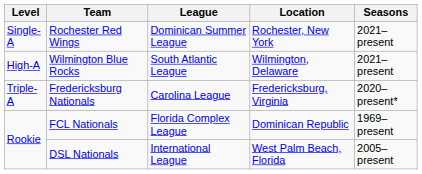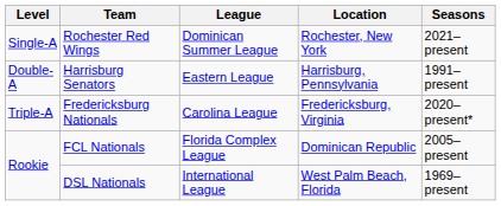 <table class="wikitable">
 <tr>
 <th style="text-align:center; ">Level</th>
 <th style="text-align:center; ">Team</th>
 <th style="text-align:center; ">League</th>
 <th style="text-align:center; ">Location</th>
 <th style="text-align:center; ">Seasons</th>
 </tr>
 <tr>
 <td><a href='#'>Single-A</a></td>
 <td><a href='#'>Rochester Red Wings</a></td>
 <td><a href='#'>Dominican Summer League</a></td>
 <td><a href='#'>Rochester, New York</a></td>
 <td>2021–present</td>
 </tr>
 <tr>
-<td><a href='#'>High-A</a></td>
-<td><a href='#'>Wilmington Blue Rocks</a></td>
-<td><a href='#'>South Atlantic League</a></td>
-<td><a href='#'>Wilmington, Delaware</a></td>
-<td>2021–present</td>
+<td><a href='#'>Double-A</a></td>
+<td><a href='#'>Harrisburg Senators</a></td>
+<td><a href='#'>Eastern League</a></td>
+<td><a href='#'>Harrisburg, Pennsylvania</a></td>
+<td>1991–present</td>
 </tr>
 <tr>
 <td><a href='#'>Triple-A</a></td>
 <td><a href='#'>Fredericksburg Nationals</a></td>
 <td><a href='#'>Carolina League</a></td>
 <td><a href='#'>Fredericksburg, Virginia</a></td>
 <td>2020–present*</td>
 </tr>
 <tr>
 <td rowspan=2><a href='#'>Rookie</a></td>
 <td><a href='#'>FCL Nationals</a></td>
 <td><a href='#'>Florida Complex League</a></td>
 <td><a href='#'>Dominican Republic</a></td>
-<td>1969–present</td>
+<td>2005–present</td>
 </tr>
 <tr>
 <td><a href='#'>DSL Nationals</a></td>
 <td><a href='#'>International League</a></td>
 <td><a href='#'>West Palm Beach, Florida</a></td>
-<td>2005–present</td>
+<td>1969–present</td>
 </tr>
 </table>
